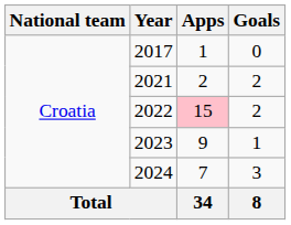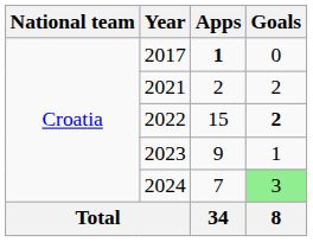 <table class="wikitable" style="text-align:center">
 <tr>
 <th>National team</th>
 <th>Year</th>
 <th>Apps</th>
 <th>Goals</th>
 </tr>
 <tr>
 <td rowspan="5"><a href='#'>Croatia</a></td>
 <td>2017</td>
-<td>1</td>
+<td><strong>1</strong></td>
 <td>0</td>
 </tr>
 <tr>
 <td>2021</td>
 <td>2</td>
 <td>2</td>
 </tr>
 <tr>
 <td>2022</td>
-<td style="background: pink;">15</td>
-<td>2</td>
+<td>15</td>
+<td><strong>2</strong></td>
 </tr>
 <tr>
 <td>2023</td>
 <td>9</td>
 <td>1</td>
 </tr>
 <tr>
 <td>2024</td>
 <td>7</td>
-<td>3</td>
+<td style="background: lightgreen;">3</td>
 </tr>
 <tr>
 <th colspan="2">Total</th>
 <th>34</th>
 <th>8</th>
 </tr>
 </table>
